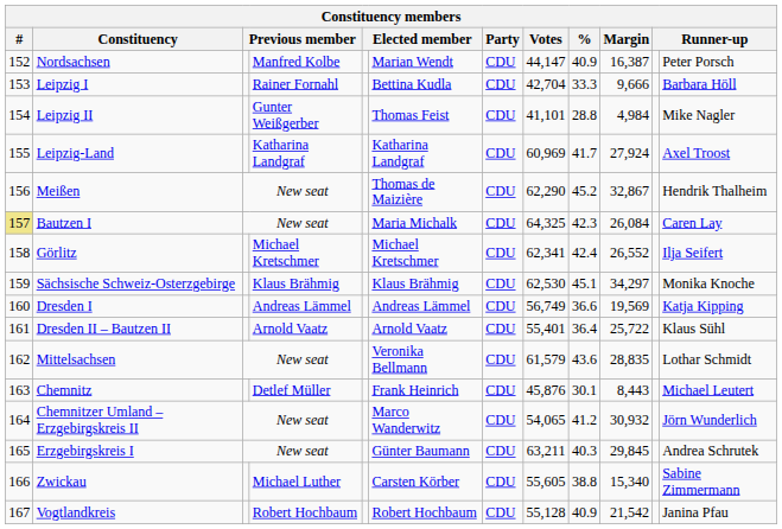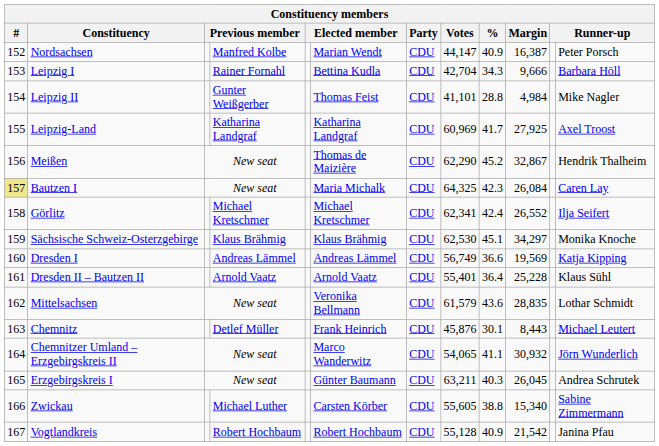 <table class="wikitable sortable" style="text-align:right">
 <tr>
 <th colspan="12">Constituency members</th>
 </tr>
 <tr>
 <th>#</th>
 <th>Constituency</th>
 <th colspan="2">Previous member</th>
 <th colspan="2">Elected member</th>
 <th>Party</th>
 <th>Votes</th>
 <th>%</th>
 <th>Margin</th>
 <th colspan="2">Runner-up</th>
 </tr>
 <tr>
 <td>152</td>
 <td align=left><a href='#'>Nordsachsen</a></td>
 <td bgcolor=></td>
 <td align=left><a href='#'>Manfred Kolbe</a></td>
 <td></td>
 <td align=left><a href='#'>Marian Wendt</a></td>
 <td align=left><a href='#'>CDU</a></td>
 <td>44,147</td>
 <td>40.9</td>
 <td>16,387</td>
 <td bgcolor=></td>
 <td align=left>Peter Porsch</td>
 </tr>
 <tr>
 <td>153</td>
 <td align=left><a href='#'>Leipzig I</a></td>
 <td bgcolor=></td>
 <td align=left><a href='#'>Rainer Fornahl</a></td>
 <td></td>
 <td align=left><a href='#'>Bettina Kudla</a></td>
 <td align=left><a href='#'>CDU</a></td>
 <td>42,704</td>
-<td>33.3</td>
+<td>34.3</td>
 <td>9,666</td>
 <td bgcolor=></td>
 <td align=left><a href='#'>Barbara Höll</a></td>
 </tr>
 <tr>
 <td>154</td>
 <td align=left><a href='#'>Leipzig II</a></td>
 <td bgcolor=></td>
 <td align=left><a href='#'>Gunter Weißgerber</a></td>
 <td></td>
 <td align=left><a href='#'>Thomas Feist</a></td>
 <td align=left><a href='#'>CDU</a></td>
 <td>41,101</td>
 <td>28.8</td>
 <td>4,984</td>
 <td bgcolor=></td>
 <td align=left>Mike Nagler</td>
 </tr>
 <tr>
 <td>155</td>
 <td align=left><a href='#'>Leipzig-Land</a></td>
 <td bgcolor=></td>
 <td align=left><a href='#'>Katharina Landgraf</a></td>
 <td bgcolor=></td>
 <td align=left><a href='#'>Katharina Landgraf</a></td>
 <td align=left><a href='#'>CDU</a></td>
 <td>60,969</td>
 <td>41.7</td>
-<td>27,924</td>
+<td>27,925</td>
 <td bgcolor=></td>
 <td align=left><a href='#'>Axel Troost</a></td>
 </tr>
 <tr>
 <td>156</td>
 <td align=left><a href='#'>Meißen</a></td>
 <td align=center colspan=2><em>New seat</em></td>
 <td bgcolor=></td>
 <td align=left><a href='#'>Thomas de Maizière</a></td>
 <td align=left><a href='#'>CDU</a></td>
 <td>62,290</td>
 <td>45.2</td>
 <td>32,867</td>
 <td bgcolor=></td>
 <td align=left>Hendrik Thalheim</td>
 </tr>
 <tr>
 <td style="background: khaki;">157</td>
 <td align=left><a href='#'>Bautzen I</a></td>
 <td align=center colspan=2><em>New seat</em></td>
 <td bgcolor=></td>
 <td align=left><a href='#'>Maria Michalk</a></td>
 <td align=left><a href='#'>CDU</a></td>
 <td>64,325</td>
 <td>42.3</td>
 <td>26,084</td>
 <td bgcolor=></td>
 <td align=left><a href='#'>Caren Lay</a></td>
 </tr>
 <tr>
 <td>158</td>
 <td align=left><a href='#'>Görlitz</a></td>
 <td bgcolor=></td>
 <td align=left><a href='#'>Michael Kretschmer</a></td>
 <td bgcolor=></td>
 <td align=left><a href='#'>Michael Kretschmer</a></td>
 <td align=left><a href='#'>CDU</a></td>
 <td>62,341</td>
 <td>42.4</td>
 <td>26,552</td>
 <td bgcolor=></td>
 <td align=left><a href='#'>Ilja Seifert</a></td>
 </tr>
 <tr>
 <td>159</td>
 <td align=left><a href='#'>Sächsische Schweiz-Osterzgebirge</a></td>
 <td bgcolor=></td>
 <td align=left><a href='#'>Klaus Brähmig</a></td>
 <td bgcolor=></td>
 <td align=left><a href='#'>Klaus Brähmig</a></td>
 <td align=left><a href='#'>CDU</a></td>
 <td>62,530</td>
 <td>45.1</td>
 <td>34,297</td>
 <td bgcolor=></td>
 <td align=left>Monika Knoche</td>
 </tr>
 <tr>
 <td>160</td>
 <td align=left><a href='#'>Dresden I</a></td>
 <td bgcolor=></td>
 <td align=left><a href='#'>Andreas Lämmel</a></td>
 <td bgcolor=></td>
 <td align=left><a href='#'>Andreas Lämmel</a></td>
 <td align=left><a href='#'>CDU</a></td>
 <td>56,749</td>
 <td>36.6</td>
 <td>19,569</td>
 <td bgcolor=></td>
 <td align=left><a href='#'>Katja Kipping</a></td>
 </tr>
 <tr>
 <td>161</td>
 <td align=left><a href='#'>Dresden II – Bautzen II</a></td>
 <td bgcolor=></td>
 <td align=left><a href='#'>Arnold Vaatz</a></td>
 <td bgcolor=></td>
 <td align=left><a href='#'>Arnold Vaatz</a></td>
 <td align=left><a href='#'>CDU</a></td>
 <td>55,401</td>
 <td>36.4</td>
-<td>25,722</td>
+<td>25,228</td>
 <td bgcolor=></td>
 <td align=left>Klaus Sühl</td>
 </tr>
 <tr>
 <td>162</td>
 <td align=left><a href='#'>Mittelsachsen</a></td>
 <td align=center colspan=2><em>New seat</em></td>
 <td bgcolor=></td>
 <td align=left><a href='#'>Veronika Bellmann</a></td>
 <td align=left><a href='#'>CDU</a></td>
 <td>61,579</td>
 <td>43.6</td>
 <td>28,835</td>
 <td bgcolor=></td>
 <td align=left>Lothar Schmidt</td>
 </tr>
 <tr>
 <td>163</td>
 <td align=left><a href='#'>Chemnitz</a></td>
 <td bgcolor=></td>
 <td align=left><a href='#'>Detlef Müller</a></td>
 <td bgcolor=></td>
 <td align=left><a href='#'>Frank Heinrich</a></td>
 <td align=left><a href='#'>CDU</a></td>
 <td>45,876</td>
 <td>30.1</td>
 <td>8,443</td>
 <td bgcolor=></td>
 <td align=left><a href='#'>Michael Leutert</a></td>
 </tr>
 <tr>
 <td>164</td>
 <td align=left><a href='#'>Chemnitzer Umland – Erzgebirgskreis II</a></td>
 <td align=center colspan=2><em>New seat</em></td>
 <td bgcolor=></td>
 <td align=left><a href='#'>Marco Wanderwitz</a></td>
 <td align=left><a href='#'>CDU</a></td>
 <td>54,065</td>
-<td>41.2</td>
+<td>41.1</td>
 <td>30,932</td>
 <td bgcolor=></td>
 <td align=left><a href='#'>Jörn Wunderlich</a></td>
 </tr>
 <tr>
 <td>165</td>
 <td align=left><a href='#'>Erzgebirgskreis I</a></td>
 <td align=center colspan=2><em>New seat</em></td>
 <td bgcolor=></td>
 <td align=left><a href='#'>Günter Baumann</a></td>
 <td align=left><a href='#'>CDU</a></td>
 <td>63,211</td>
 <td>40.3</td>
-<td>29,845</td>
+<td>26,045</td>
 <td bgcolor=></td>
 <td align=left>Andrea Schrutek</td>
 </tr>
 <tr>
 <td>166</td>
 <td align=left><a href='#'>Zwickau</a></td>
 <td bgcolor=></td>
 <td align=left><a href='#'>Michael Luther</a></td>
 <td></td>
 <td align=left><a href='#'>Carsten Körber</a></td>
 <td align=left><a href='#'>CDU</a></td>
 <td>55,605</td>
 <td>38.8</td>
 <td>15,340</td>
 <td bgcolor=></td>
 <td align=left><a href='#'>Sabine Zimmermann</a></td>
 </tr>
 <tr>
 <td>167</td>
 <td align=left><a href='#'>Vogtlandkreis</a></td>
 <td bgcolor=></td>
 <td align=left><a href='#'>Robert Hochbaum</a></td>
 <td></td>
 <td align=left><a href='#'>Robert Hochbaum</a></td>
 <td align="left"><a href='#'>CDU</a></td>
 <td>55,128</td>
 <td>40.9</td>
 <td>21,542</td>
 <td bgcolor=></td>
 <td align=left>Janina Pfau</td>
 </tr>
 </table>
